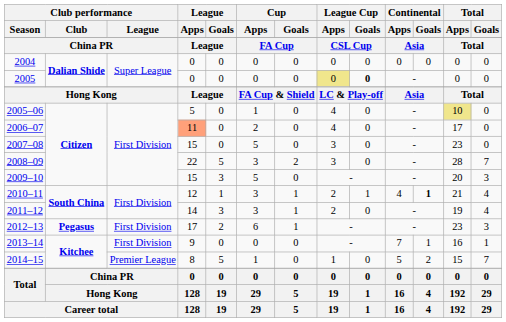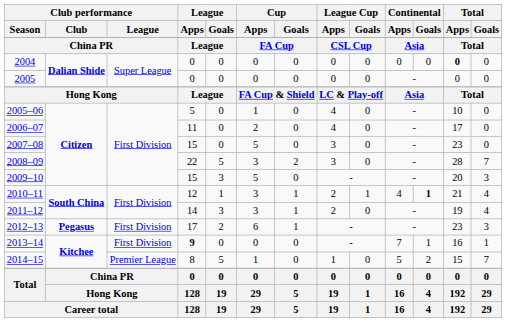 <table class="wikitable" style="text-align:center">
 <tr>
 <th colspan=3>Club performance</th>
 <th colspan=2>League</th>
 <th colspan=2>Cup</th>
 <th colspan=2>League Cup</th>
 <th colspan=2>Continental</th>
 <th colspan=2>Total</th>
 </tr>
 <tr>
 <th>Season</th>
 <th>Club</th>
 <th>League</th>
 <th>Apps</th>
 <th>Goals</th>
 <th>Apps</th>
 <th>Goals</th>
 <th>Apps</th>
 <th>Goals</th>
 <th>Apps</th>
 <th>Goals</th>
 <th>Apps</th>
 <th>Goals</th>
 </tr>
 <tr>
 </tr>
 <tr>
 <th colspan=3>China PR</th>
 <th colspan=2>League</th>
 <th colspan=2><a href='#'>FA Cup</a></th>
 <th colspan=2><a href='#'>CSL Cup</a></th>
 <th colspan=2><a href='#'>Asia</a></th>
 <th colspan=2>Total</th>
 </tr>
 <tr>
 <td><a href='#'>2004</a></td>
 <td rowspan="2"><strong><a href='#'>Dalian Shide</a></strong></td>
 <td rowspan="2"><a href='#'>Super League</a></td>
 <td>0</td>
 <td>0</td>
 <td>0</td>
 <td>0</td>
 <td>0</td>
 <td>0</td>
 <td>0</td>
 <td>0</td>
-<td>0</td>
+<td><strong>0</strong></td>
 <td>0</td>
 </tr>
 <tr>
 <td><a href='#'>2005</a></td>
 <td>0</td>
 <td>0</td>
 <td>0</td>
 <td>0</td>
-<td style="background: khaki;">0</td>
-<td><strong>0</strong></td>
+<td>0</td>
+<td>0</td>
 <td colspan="2">-</td>
 <td>0</td>
 <td>0</td>
 </tr>
 <tr>
 </tr>
 <tr>
 <th colspan=3>Hong Kong</th>
 <th colspan=2>League</th>
 <th colspan=2><a href='#'>FA Cup</a> & <a href='#'>Shield</a></th>
 <th colspan=2><a href='#'>LC</a> & <a href='#'>Play-off</a></th>
 <th colspan=2><a href='#'>Asia</a></th>
 <th colspan=2>Total</th>
 </tr>
 <tr>
 <td><a href='#'>2005–06</a></td>
 <td rowspan="5"><strong><a href='#'>Citizen</a></strong></td>
 <td rowspan="5"><a href='#'>First Division</a></td>
 <td>5</td>
 <td>0</td>
 <td>1</td>
 <td>0</td>
 <td>4</td>
 <td>0</td>
 <td colspan="2">-</td>
-<td style="background: khaki;">10</td>
+<td>10</td>
 <td>0</td>
 </tr>
 <tr>
 <td><a href='#'>2006–07</a></td>
-<td style="background: lightsalmon;">11</td>
+<td>11</td>
 <td>0</td>
 <td>2</td>
 <td>0</td>
 <td>4</td>
 <td>0</td>
 <td colspan="2">-</td>
 <td>17</td>
 <td>0</td>
 </tr>
 <tr>
 <td><a href='#'>2007–08</a></td>
 <td>15</td>
 <td>0</td>
 <td>5</td>
 <td>0</td>
 <td>3</td>
 <td>0</td>
 <td colspan="2">-</td>
 <td>23</td>
 <td>0</td>
 </tr>
 <tr>
 <td><a href='#'>2008–09</a></td>
 <td>22</td>
 <td>5</td>
 <td>3</td>
 <td>2</td>
 <td>3</td>
 <td>0</td>
 <td colspan="2">-</td>
 <td>28</td>
 <td>7</td>
 </tr>
 <tr>
 <td><a href='#'>2009–10</a></td>
 <td>15</td>
 <td>3</td>
 <td>5</td>
 <td>0</td>
 <td colspan="2">-</td>
 <td colspan="2">-</td>
 <td>20</td>
 <td>3</td>
 </tr>
 <tr>
 <td><a href='#'>2010–11</a></td>
 <td rowspan="2"><strong><a href='#'>South China</a></strong></td>
 <td rowspan="2"><a href='#'>First Division</a></td>
 <td>12</td>
 <td>1</td>
 <td>3</td>
 <td>1</td>
 <td>2</td>
 <td>1</td>
 <td>4</td>
 <td><strong>1</strong></td>
 <td>21</td>
 <td>4</td>
 </tr>
 <tr>
 <td><a href='#'>2011–12</a></td>
 <td>14</td>
 <td>3</td>
 <td>3</td>
 <td>1</td>
 <td>2</td>
 <td>0</td>
 <td colspan="2">-</td>
 <td>19</td>
 <td>4</td>
 </tr>
 <tr>
 <td><a href='#'>2012–13</a></td>
 <td rowspan="1"><strong><a href='#'>Pegasus</a></strong></td>
 <td rowspan="1"><a href='#'>First Division</a></td>
 <td>17</td>
 <td>2</td>
 <td>6</td>
 <td>1</td>
 <td colspan="2">-</td>
 <td colspan="2">-</td>
 <td>23</td>
 <td>3</td>
 </tr>
 <tr>
 <td><a href='#'>2013–14</a></td>
 <td rowspan="2"><strong><a href='#'>Kitchee</a></strong></td>
 <td><a href='#'>First Division</a></td>
-<td>9</td>
+<td><strong>9</strong></td>
 <td>0</td>
 <td>0</td>
 <td>0</td>
 <td colspan="2">-</td>
 <td>7</td>
 <td>1</td>
 <td>16</td>
 <td>1</td>
 </tr>
 <tr>
 <td><a href='#'>2014–15</a></td>
 <td rowspan="1"><a href='#'>Premier League</a></td>
 <td>8</td>
 <td>5</td>
 <td>1</td>
 <td>0</td>
 <td>1</td>
 <td>0</td>
 <td>5</td>
 <td>2</td>
 <td>15</td>
 <td>7</td>
 </tr>
 <tr>
 </tr>
 <tr>
 <th rowspan=2>Total</th>
 <th colspan=2>China PR</th>
 <th>0</th>
 <th>0</th>
 <th>0</th>
 <th>0</th>
 <th>0</th>
 <th>0</th>
 <th>0</th>
 <th>0</th>
 <th>0</th>
 <th>0</th>
 </tr>
 <tr>
 <th colspan=2>Hong Kong</th>
 <th>128</th>
 <th>19</th>
 <th>29</th>
 <th>5</th>
 <th>19</th>
 <th>1</th>
 <th>16</th>
 <th>4</th>
 <th>192</th>
 <th>29</th>
 </tr>
 <tr>
 <th colspan=3>Career total</th>
 <th>128</th>
 <th>19</th>
 <th>29</th>
 <th>5</th>
 <th>19</th>
 <th>1</th>
 <th>16</th>
 <th>4</th>
 <th>192</th>
 <th>29</th>
 </tr>
 </table>
